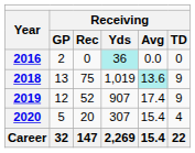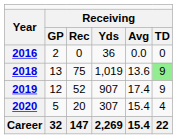 <table class="wikitable" style="text-align:center;">
 <tr>
 <td ! colspan="7"></td>
 </tr>
 <tr>
 <th rowspan="2">Year</th>
 <th colspan="5">Receiving</th>
 </tr>
 <tr>
 <th>GP</th>
 <th>Rec</th>
 <th>Yds</th>
 <th>Avg</th>
 <th>TD</th>
 </tr>
 <tr>
 <th><a href='#'>2016</a></th>
 <td>2</td>
 <td>0</td>
-<td style="background: paleturquoise;">36</td>
+<td>36</td>
 <td>0.0</td>
 <td>0</td>
 </tr>
 <tr>
 <th><a href='#'>2018</a></th>
 <td>13</td>
 <td>75</td>
 <td>1,019</td>
-<td style="background: paleturquoise;">13.6</td>
-<td>9</td>
+<td>13.6</td>
+<td style="background: lightgreen;">9</td>
 </tr>
 <tr>
 <th><a href='#'>2019</a></th>
 <td>12</td>
 <td>52</td>
 <td>907</td>
 <td>17.4</td>
 <td>9</td>
 </tr>
 <tr>
 <th><a href='#'>2020</a></th>
 <td>5</td>
 <td>20</td>
 <td>307</td>
 <td>15.4</td>
 <td>4</td>
 </tr>
 <tr>
 <th>Career</th>
 <th>32</th>
 <th>147</th>
 <th>2,269</th>
 <th>15.4</th>
 <th>22</th>
 </tr>
 </table>
